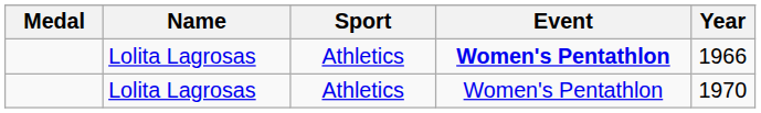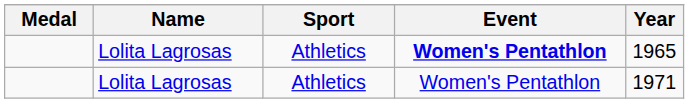 <table class="wikitable"  style="font-size:100%;  text-align:center;">
 <tr>
 </tr>
 <tr>
 <th width="65">Medal</th>
 <th width="130">Name</th>
 <th width="100">Sport</th>
 <th width="180">Event</th>
 <th width="40">Year</th>
 </tr>
 <tr>
 <td></td>
 <td align=left><a href='#'>Lolita Lagrosas</a></td>
 <td><a href='#'>Athletics</a></td>
 <td><strong><a href='#'>Women's Pentathlon</a></strong></td>
-<td>1966</td>
+<td>1965</td>
 </tr>
 <tr>
 <td></td>
 <td align=left><a href='#'>Lolita Lagrosas</a></td>
 <td><a href='#'>Athletics</a></td>
 <td><a href='#'>Women's Pentathlon</a></td>
-<td>1970</td>
+<td>1971</td>
 </tr>
 </table>
